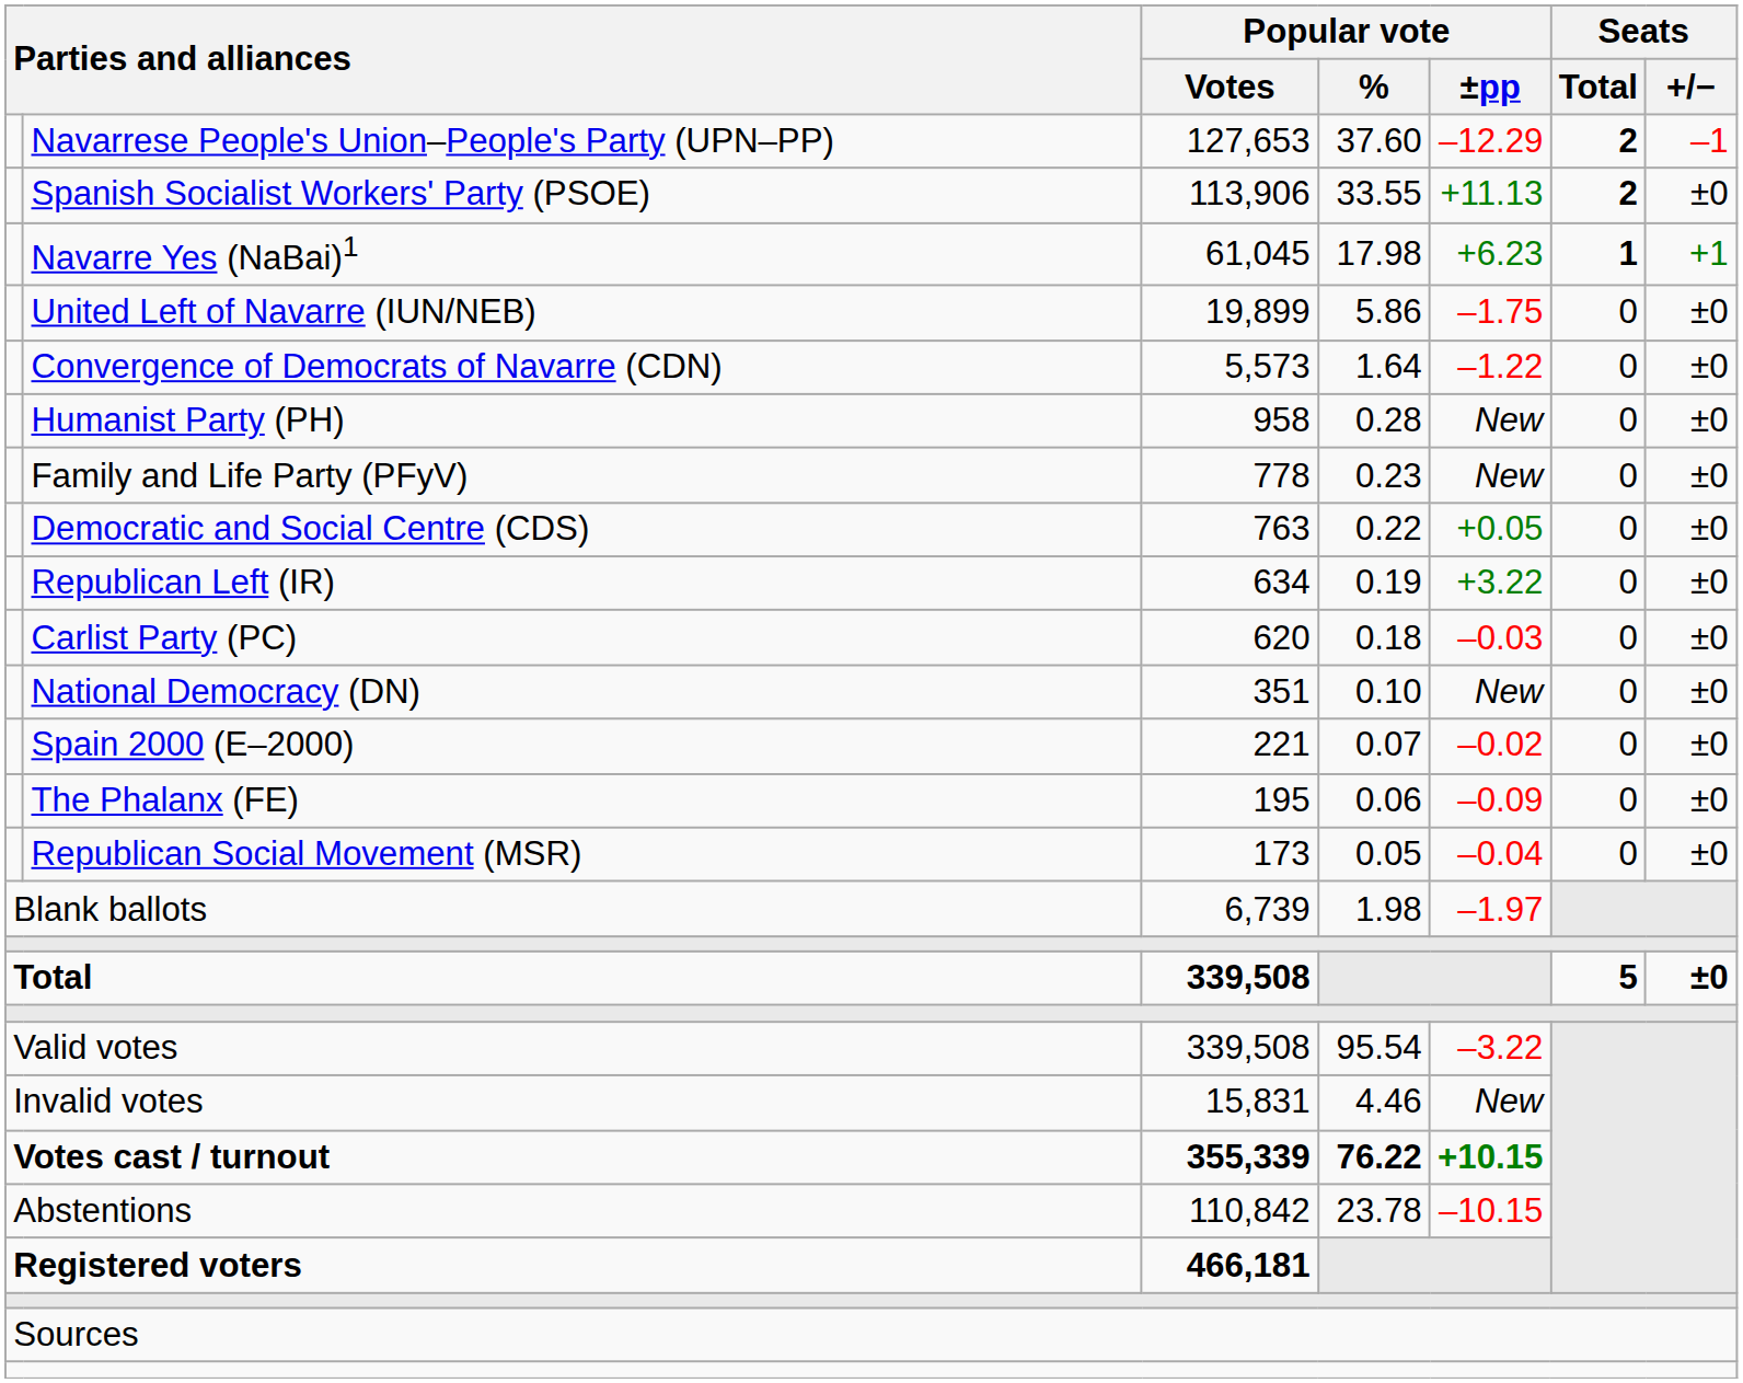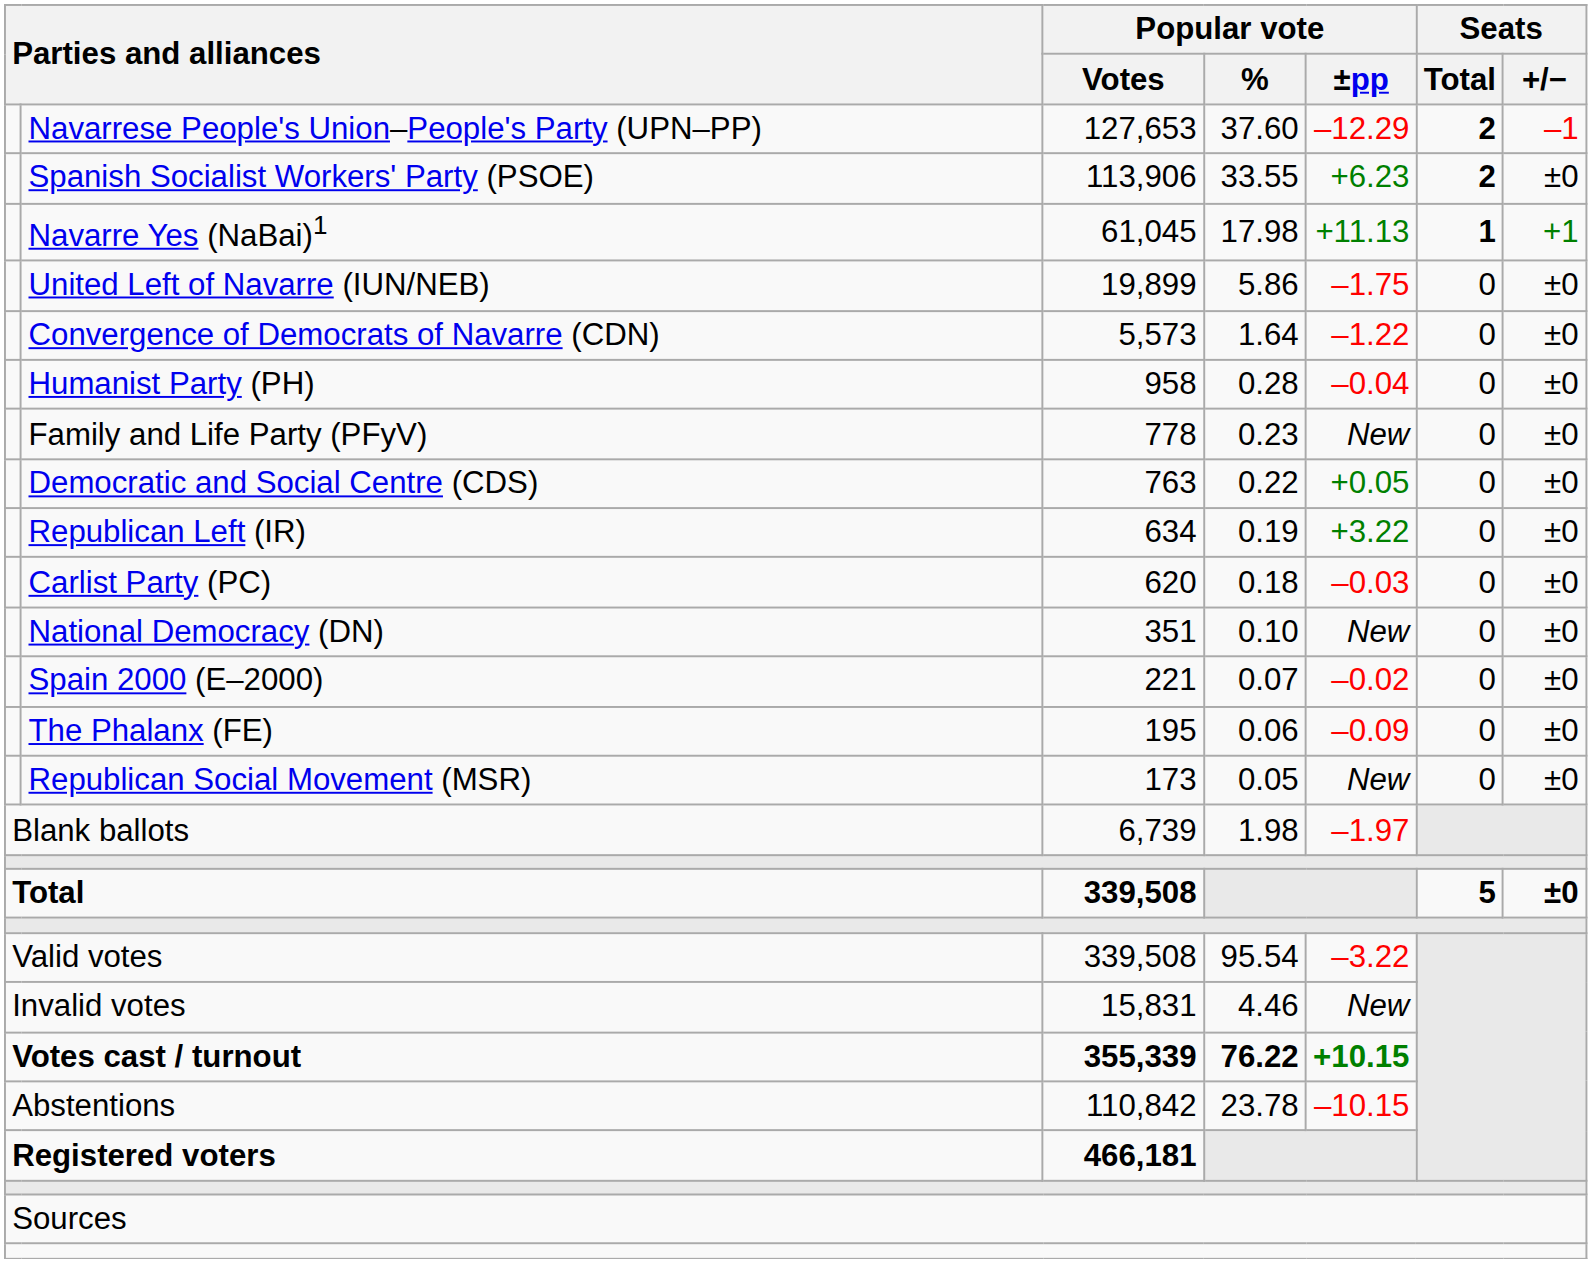 <table class="wikitable" style="text-align:right;">
 <tr>
 <th style="text-align:left;" rowspan="2" colspan="2" width="525">Parties and alliances</th>
 <th colspan="3">Popular vote</th>
 <th colspan="2">Seats</th>
 </tr>
 <tr>
 <th width="75">Votes</th>
 <th width="45">%</th>
 <th width="45">±<a href='#'>pp</a></th>
 <th width="35">Total</th>
 <th width="35">+/−</th>
 </tr>
 <tr>
 <td width="1" style="color:inherit;background:"></td>
 <td align="left"><a href='#'>Navarrese People's Union</a>–<a href='#'>People's Party</a> (UPN–PP)</td>
 <td>127,653</td>
 <td>37.60</td>
 <td style="color:red;">–12.29</td>
 <td><strong>2</strong></td>
 <td style="color:red;">–1</td>
 </tr>
 <tr>
 <td style="color:inherit;background:"></td>
 <td align="left"><a href='#'>Spanish Socialist Workers' Party</a> (PSOE)</td>
 <td>113,906</td>
 <td>33.55</td>
-<td style="color:green;">+11.13</td>
+<td style="color:green;">+6.23</td>
 <td><strong>2</strong></td>
 <td>±0</td>
 </tr>
 <tr>
 <td style="color:inherit;background:"></td>
 <td align="left"><a href='#'>Navarre Yes</a> (NaBai)<sup>1</sup></td>
 <td>61,045</td>
 <td>17.98</td>
-<td style="color:green;">+6.23</td>
+<td style="color:green;">+11.13</td>
 <td><strong>1</strong></td>
 <td style="color:green;">+1</td>
 </tr>
 <tr>
 <td style="color:inherit;background:"></td>
 <td align="left"><a href='#'>United Left of Navarre</a> (IUN/NEB)</td>
 <td>19,899</td>
 <td>5.86</td>
 <td style="color:red;">–1.75</td>
 <td>0</td>
 <td>±0</td>
 </tr>
 <tr>
 <td style="color:inherit;background:"></td>
 <td align="left"><a href='#'>Convergence of Democrats of Navarre</a> (CDN)</td>
 <td>5,573</td>
 <td>1.64</td>
 <td style="color:red;">–1.22</td>
 <td>0</td>
 <td>±0</td>
 </tr>
 <tr>
 <td style="color:inherit;background:"></td>
 <td align="left"><a href='#'>Humanist Party</a> (PH)</td>
 <td>958</td>
 <td>0.28</td>
-<td><em>New</em></td>
+<td style="color:red;">–0.04</td>
 <td>0</td>
 <td>±0</td>
 </tr>
 <tr>
 <td style="color:inherit;background:"></td>
 <td align="left">Family and Life Party (PFyV)</td>
 <td>778</td>
 <td>0.23</td>
 <td><em>New</em></td>
 <td>0</td>
 <td>±0</td>
 </tr>
 <tr>
 <td style="color:inherit;background:"></td>
 <td align="left"><a href='#'>Democratic and Social Centre</a> (CDS)</td>
 <td>763</td>
 <td>0.22</td>
 <td style="color:green;">+0.05</td>
 <td>0</td>
 <td>±0</td>
 </tr>
 <tr>
 <td style="color:inherit;background:"></td>
 <td align="left"><a href='#'>Republican Left</a> (IR)</td>
 <td>634</td>
 <td>0.19</td>
 <td style="color:green;">+3.22</td>
 <td>0</td>
 <td>±0</td>
 </tr>
 <tr>
 <td style="color:inherit;background:"></td>
 <td align="left"><a href='#'>Carlist Party</a> (PC)</td>
 <td>620</td>
 <td>0.18</td>
 <td style="color:red;">–0.03</td>
 <td>0</td>
 <td>±0</td>
 </tr>
 <tr>
 <td style="color:inherit;background:"></td>
 <td align="left"><a href='#'>National Democracy</a> (DN)</td>
 <td>351</td>
 <td>0.10</td>
 <td><em>New</em></td>
 <td>0</td>
 <td>±0</td>
 </tr>
 <tr>
 <td style="color:inherit;background:"></td>
 <td align="left"><a href='#'>Spain 2000</a> (E–2000)</td>
 <td>221</td>
 <td>0.07</td>
 <td style="color:red;">–0.02</td>
 <td>0</td>
 <td>±0</td>
 </tr>
 <tr>
 <td style="color:inherit;background:"></td>
 <td align="left"><a href='#'>The Phalanx</a> (FE)</td>
 <td>195</td>
 <td>0.06</td>
 <td style="color:red;">–0.09</td>
 <td>0</td>
 <td>±0</td>
 </tr>
 <tr>
 <td style="color:inherit;background:"></td>
 <td align="left"><a href='#'>Republican Social Movement</a> (MSR)</td>
 <td>173</td>
 <td>0.05</td>
-<td style="color:red;">–0.04</td>
+<td><em>New</em></td>
 <td>0</td>
 <td>±0</td>
 </tr>
 <tr>
 <td align="left" colspan="2">Blank ballots</td>
 <td>6,739</td>
 <td>1.98</td>
 <td style="color:red;">–1.97</td>
 <td bgcolor="#E9E9E9" colspan="2"></td>
 </tr>
 <tr>
 <td colspan="7" bgcolor="#E9E9E9"></td>
 </tr>
 <tr style="font-weight:bold;">
 <td align="left" colspan="2">Total</td>
 <td>339,508</td>
 <td bgcolor="#E9E9E9" colspan="2"></td>
 <td>5</td>
 <td>±0</td>
 </tr>
 <tr>
 <td colspan="7" bgcolor="#E9E9E9"></td>
 </tr>
 <tr>
 <td align="left" colspan="2">Valid votes</td>
 <td>339,508</td>
 <td>95.54</td>
 <td style="color:red;">–3.22</td>
 <td bgcolor="#E9E9E9" colspan="2" rowspan="5"></td>
 </tr>
 <tr>
 <td align="left" colspan="2">Invalid votes</td>
 <td>15,831</td>
 <td>4.46</td>
 <td><em>New</em></td>
 </tr>
 <tr style="font-weight:bold;">
 <td align="left" colspan="2">Votes cast / turnout</td>
 <td>355,339</td>
 <td>76.22</td>
 <td style="color:green;">+10.15</td>
 </tr>
 <tr>
 <td align="left" colspan="2">Abstentions</td>
 <td>110,842</td>
 <td>23.78</td>
 <td style="color:red;">–10.15</td>
 </tr>
 <tr style="font-weight:bold;">
 <td align="left" colspan="2">Registered voters</td>
 <td>466,181</td>
 <td bgcolor="#E9E9E9" colspan="2"></td>
 </tr>
 <tr>
 <td colspan="7" bgcolor="#E9E9E9"></td>
 </tr>
 <tr>
 <td align="left" colspan="7">Sources</td>
 </tr>
 <tr>
 <td colspan="7" style="text-align:left; max-width:790px;"></td>
 </tr>
 </table>
